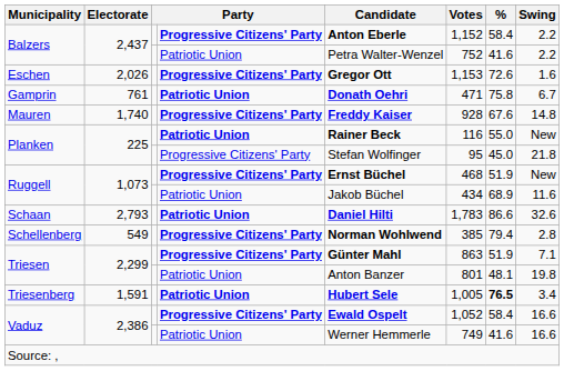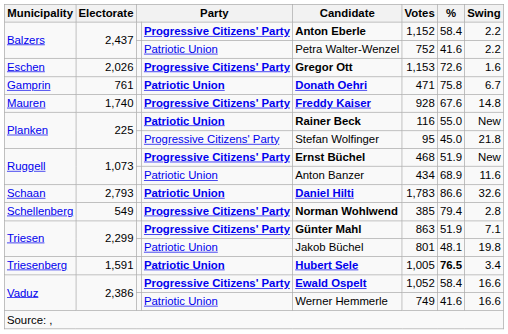 <table class="wikitable" style="text-align:right">
 <tr>
 <th>Municipality</th>
 <th>Electorate</th>
 <th colspan="2">Party</th>
 <th>Candidate</th>
 <th>Votes</th>
 <th>%</th>
 <th>Swing</th>
 </tr>
 <tr>
 <td rowspan="2" align="left"><a href='#'>Balzers</a></td>
 <td rowspan="2">2,437</td>
 <td></td>
 <td align="left"><strong><a href='#'>Progressive Citizens' Party</a></strong></td>
 <td align="left"><strong>Anton Eberle</strong></td>
 <td>1,152</td>
 <td>58.4</td>
 <td> 2.2</td>
 </tr>
 <tr>
 <td style="color:inherit;background:"></td>
 <td align="left"><a href='#'>Patriotic Union</a></td>
 <td align="left">Petra Walter-Wenzel</td>
 <td>752</td>
 <td>41.6</td>
 <td> 2.2</td>
 </tr>
 <tr>
 <td align="left"><a href='#'>Eschen</a></td>
 <td>2,026</td>
 <td style="color:inherit;background:"></td>
 <td align="left"><strong><a href='#'>Progressive Citizens' Party</a></strong></td>
 <td align="left"><strong>Gregor Ott</strong></td>
 <td>1,153</td>
 <td>72.6</td>
 <td> 1.6</td>
 </tr>
 <tr>
 <td align="left"><a href='#'>Gamprin</a></td>
 <td>761</td>
 <td style="color:inherit;background:"></td>
 <td align="left"><a href='#'><strong>Patriotic Union</strong></a></td>
 <td align="left"><strong><a href='#'>Donath Oehri</a></strong></td>
 <td>471</td>
 <td>75.8</td>
 <td> 6.7</td>
 </tr>
 <tr>
 <td align="left"><a href='#'>Mauren</a></td>
 <td>1,740</td>
 <td style="color:inherit;background:"></td>
 <td align="left"><strong><a href='#'>Progressive Citizens' Party</a></strong></td>
 <td align="left"><strong><a href='#'>Freddy Kaiser</a></strong></td>
 <td>928</td>
 <td>67.6</td>
 <td> 14.8</td>
 </tr>
 <tr>
 <td rowspan="2" align="left"><a href='#'>Planken</a></td>
 <td rowspan="2">225</td>
 <td style="color:inherit;background:"></td>
 <td align="left"><a href='#'><strong>Patriotic Union</strong></a></td>
 <td align="left"><strong>Rainer Beck</strong></td>
 <td>116</td>
 <td>55.0</td>
 <td>New</td>
 </tr>
 <tr>
 <td style="color:inherit;background:"></td>
 <td align="left"><a href='#'>Progressive Citizens' Party</a></td>
 <td align="left">Stefan Wolfinger</td>
 <td>95</td>
 <td>45.0</td>
 <td> 21.8</td>
 </tr>
 <tr>
 <td rowspan="2" align="left"><a href='#'>Ruggell</a></td>
 <td rowspan="2">1,073</td>
 <td style="color:inherit;background:"></td>
 <td align="left"><strong><a href='#'>Progressive Citizens' Party</a></strong></td>
 <td align="left"><strong>Ernst Büchel</strong></td>
 <td>468</td>
 <td>51.9</td>
 <td>New</td>
 </tr>
 <tr>
 <td style="color:inherit;background:"></td>
 <td align="left"><a href='#'>Patriotic Union</a></td>
-<td align="left">Jakob Büchel</td>
+<td align="left">Anton Banzer</td>
 <td>434</td>
 <td>68.9</td>
 <td> 11.6</td>
 </tr>
 <tr>
 <td align="left"><a href='#'>Schaan</a></td>
 <td>2,793</td>
 <td style="color:inherit;background:"></td>
 <td align="left"><a href='#'><strong>Patriotic Union</strong></a></td>
 <td align="left"><strong><a href='#'>Daniel Hilti</a></strong></td>
 <td>1,783</td>
 <td>86.6</td>
 <td> 32.6</td>
 </tr>
 <tr>
 <td align="left"><a href='#'>Schellenberg</a></td>
 <td>549</td>
 <td style="color:inherit;background:"></td>
 <td align="left"><strong><a href='#'>Progressive Citizens' Party</a></strong></td>
 <td align="left"><strong>Norman Wohlwend</strong></td>
 <td>385</td>
 <td>79.4</td>
 <td> 2.8</td>
 </tr>
 <tr>
 <td rowspan="2" align="left"><a href='#'>Triesen</a></td>
 <td rowspan="2">2,299</td>
 <td style="color:inherit;background:"></td>
 <td align="left"><strong><a href='#'>Progressive Citizens' Party</a></strong></td>
 <td align="left"><strong>Günter Mahl</strong></td>
 <td>863</td>
 <td>51.9</td>
 <td> 7.1</td>
 </tr>
 <tr>
 <td style="color:inherit;background:"></td>
 <td align="left"><a href='#'>Patriotic Union</a></td>
-<td align="left">Anton Banzer</td>
+<td align="left">Jakob Büchel</td>
 <td>801</td>
 <td>48.1</td>
 <td> 19.8</td>
 </tr>
 <tr>
 <td align="left"><a href='#'>Triesenberg</a></td>
 <td>1,591</td>
 <td style="color:inherit;background:"></td>
 <td align="left"><a href='#'><strong>Patriotic Union</strong></a></td>
 <td align="left"><strong><a href='#'>Hubert Sele</a></strong></td>
 <td>1,005</td>
 <td><strong>76.5</strong></td>
 <td> 3.4</td>
 </tr>
 <tr>
 <td rowspan="2" align="left"><a href='#'>Vaduz</a></td>
 <td rowspan="2">2,386</td>
 <td style="color:inherit;background:"></td>
 <td align="left"><strong><a href='#'>Progressive Citizens' Party</a></strong></td>
 <td align="left"><strong><a href='#'>Ewald Ospelt</a></strong></td>
 <td>1,052</td>
 <td>58.4</td>
 <td> 16.6</td>
 </tr>
 <tr>
 <td style="color:inherit;background:"></td>
 <td align="left"><a href='#'>Patriotic Union</a></td>
 <td align="left">Werner Hemmerle</td>
 <td>749</td>
 <td>41.6</td>
 <td> 16.6</td>
 </tr>
 <tr>
 <td colspan="8" align="left">Source: , </td>
 </tr>
 </table>
